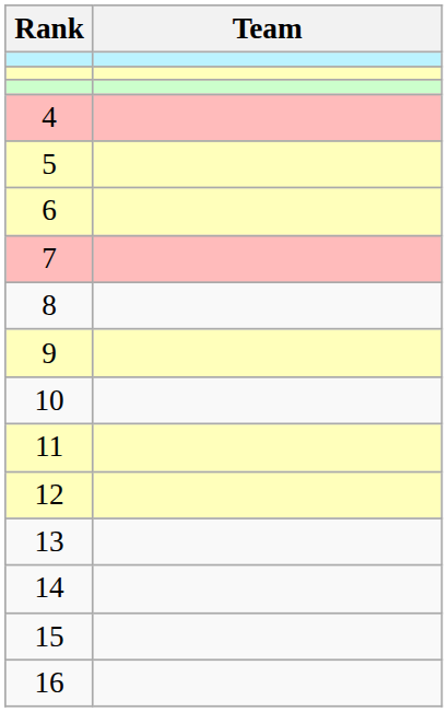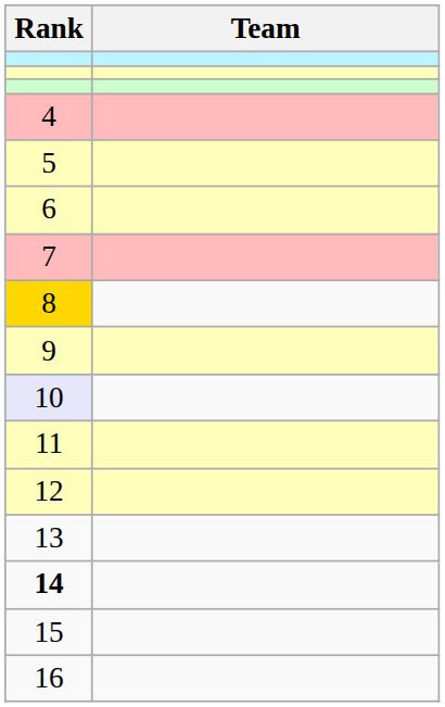 <table class="wikitable">
 <tr>
 <th width=40>Rank</th>
 <th width=180>Team</th>
 </tr>
 <tr bgcolor=#BBF3FF>
 <td align=center></td>
 <td></td>
 </tr>
 <tr bgcolor=#FFFFBB>
 <td align=center></td>
 <td></td>
 </tr>
 <tr bgcolor=#ccffcc>
 <td align=center></td>
 <td></td>
 </tr>
 <tr bgcolor=#FFBBBB>
 <td align=center>4</td>
 <td></td>
 </tr>
 <tr bgcolor=#FFFFBB>
 <td align=center>5</td>
 <td></td>
 </tr>
 <tr bgcolor=#FFFFBB>
 <td align=center>6</td>
 <td></td>
 </tr>
 <tr bgcolor=#FFBBBB>
 <td align=center>7</td>
 <td></td>
 </tr>
 <tr>
-<td align=center>8</td>
+<td align=center style="background: gold;">8</td>
 <td></td>
 </tr>
 <tr bgcolor=#FFFFBB>
 <td align=center>9</td>
 <td></td>
 </tr>
 <tr>
-<td align=center>10</td>
+<td align=center style="background: lavender;">10</td>
 <td></td>
 </tr>
 <tr bgcolor=#FFFFBB>
 <td align=center>11</td>
 <td></td>
 </tr>
 <tr bgcolor=#FFFFBB>
 <td align=center>12</td>
 <td></td>
 </tr>
 <tr>
 <td align=center>13</td>
 <td></td>
 </tr>
 <tr>
-<td align=center>14</td>
+<td align=center><strong>14</strong></td>
 <td></td>
 </tr>
 <tr>
 <td align=center>15</td>
 <td></td>
 </tr>
 <tr>
 <td align=center>16</td>
 <td></td>
 </tr>
 </table>
